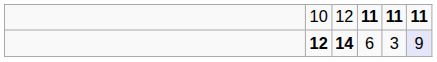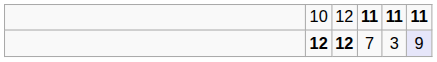 <table class="wikitable">
 <tr>
 <td style="width:18em"></td>
 <td align=center style="width:1em">10</td>
 <td align=center style="width:1em">12</td>
 <td align=center style="width:1em"><strong>11</strong></td>
 <td align=center style="width:1em"><strong>11</strong></td>
 <td align=center style="width:1em"><strong>11</strong></td>
 </tr>
 <tr>
 <td style="width:18em"></td>
 <td align=center style="width:1em"><strong>12</strong></td>
-<td align=center style="width:1em"><strong>14</strong></td>
-<td align=center style="width:1em">6</td>
+<td align=center style="width:1em"><strong>12</strong></td>
+<td align=center style="width:1em">7</td>
 <td align=center style="width:1em">3</td>
 <td align=center style="background: lavender; width:1em">9</td>
 </tr>
 </table>
